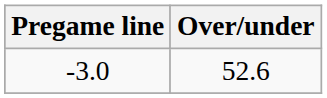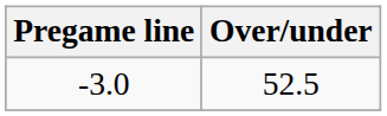 <table class="wikitable" style="margin-left: auto; margin-right: auto; border: none; display: inline-table;">
 <tr align="center">
 <th style=>Pregame line</th>
 <th style=>Over/under</th>
 </tr>
 <tr align="center">
 <td>-3.0</td>
-<td>52.6</td>
+<td>52.5</td>
 </tr>
 </table>
